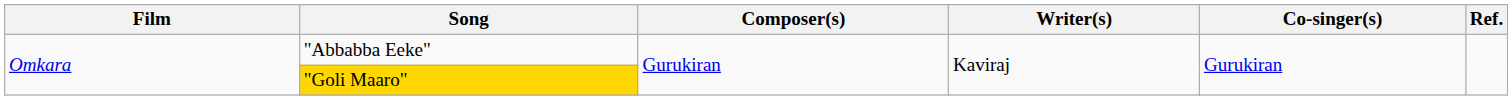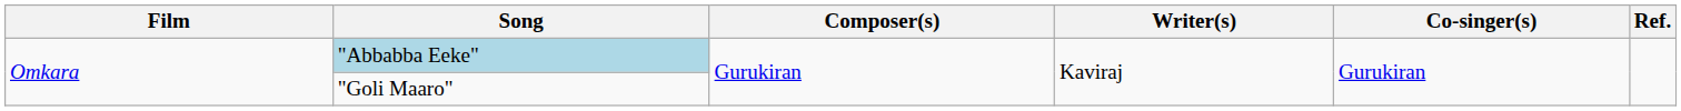 <table class="wikitable plainrowheaders" width="100%" textcolor:#000;">
 <tr>
 <th scope="col" width=20%><strong>Film</strong></th>
 <th scope="col" width=23%><strong>Song</strong></th>
 <th scope="col" width=21%><strong>Composer(s)</strong></th>
 <th scope="col" width=17%><strong>Writer(s)</strong></th>
 <th scope="col" width=18%><strong>Co-singer(s)</strong></th>
 <th scope="col" width=1%><strong>Ref.</strong></th>
 </tr>
 <tr>
 <td rowspan="2"><em><a href='#'>Omkara</a></em></td>
-<td>"Abbabba Eeke"</td>
+<td style="background: lightblue;">"Abbabba Eeke"</td>
 <td rowspan="2"><a href='#'>Gurukiran</a></td>
 <td rowspan="2">Kaviraj</td>
 <td rowspan="2"><a href='#'>Gurukiran</a></td>
 <td rowspan="2"></td>
 </tr>
 <tr>
-<td style="background: gold;">"Goli Maaro"</td>
+<td>"Goli Maaro"</td>
 </tr>
 </table>
